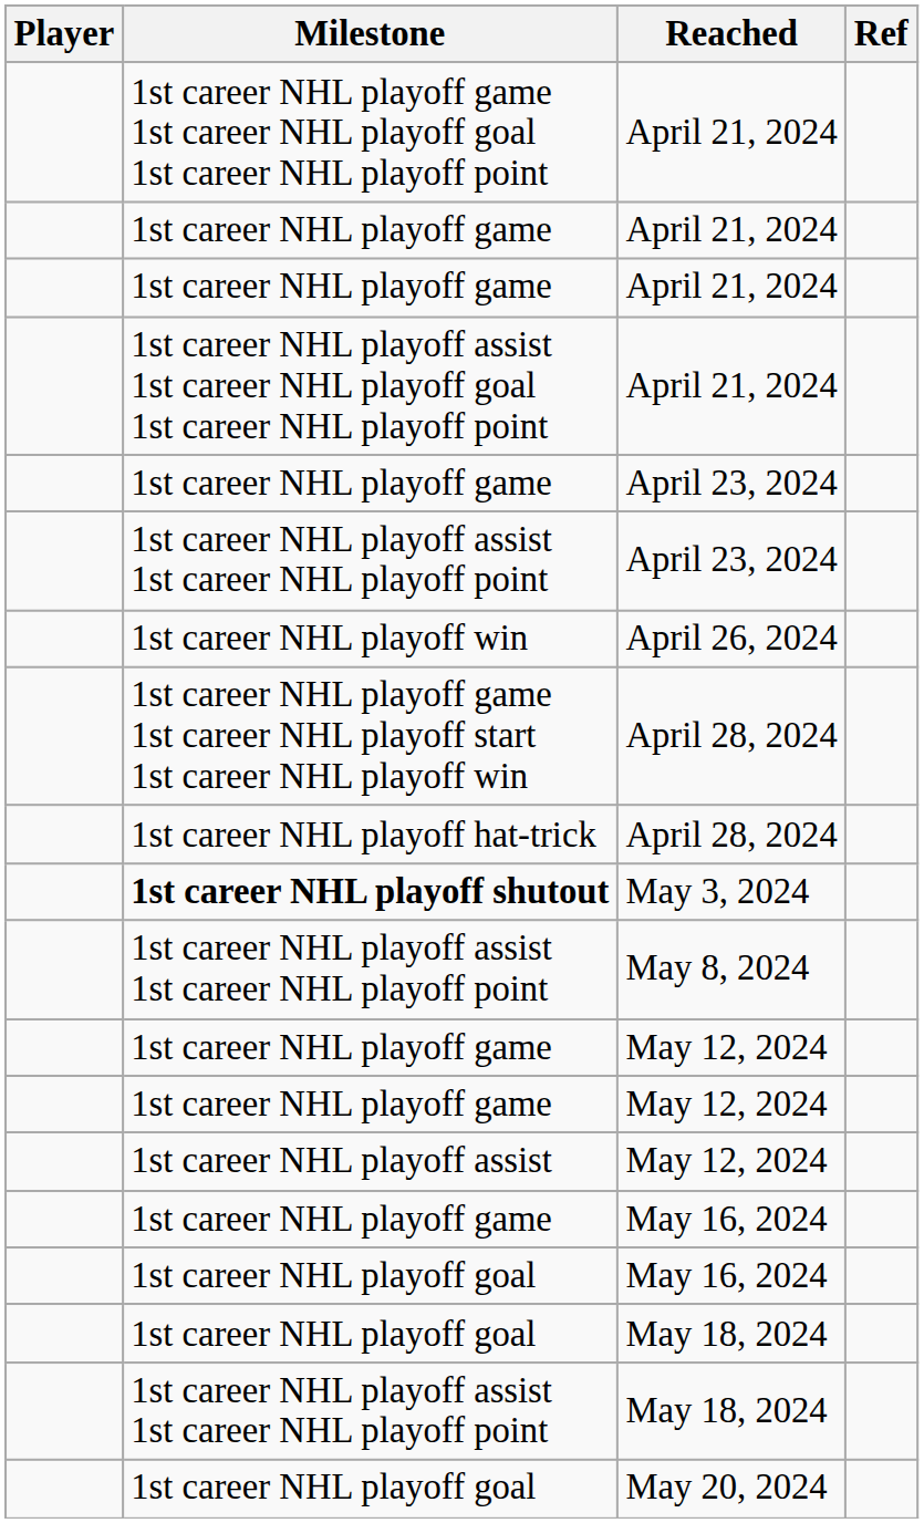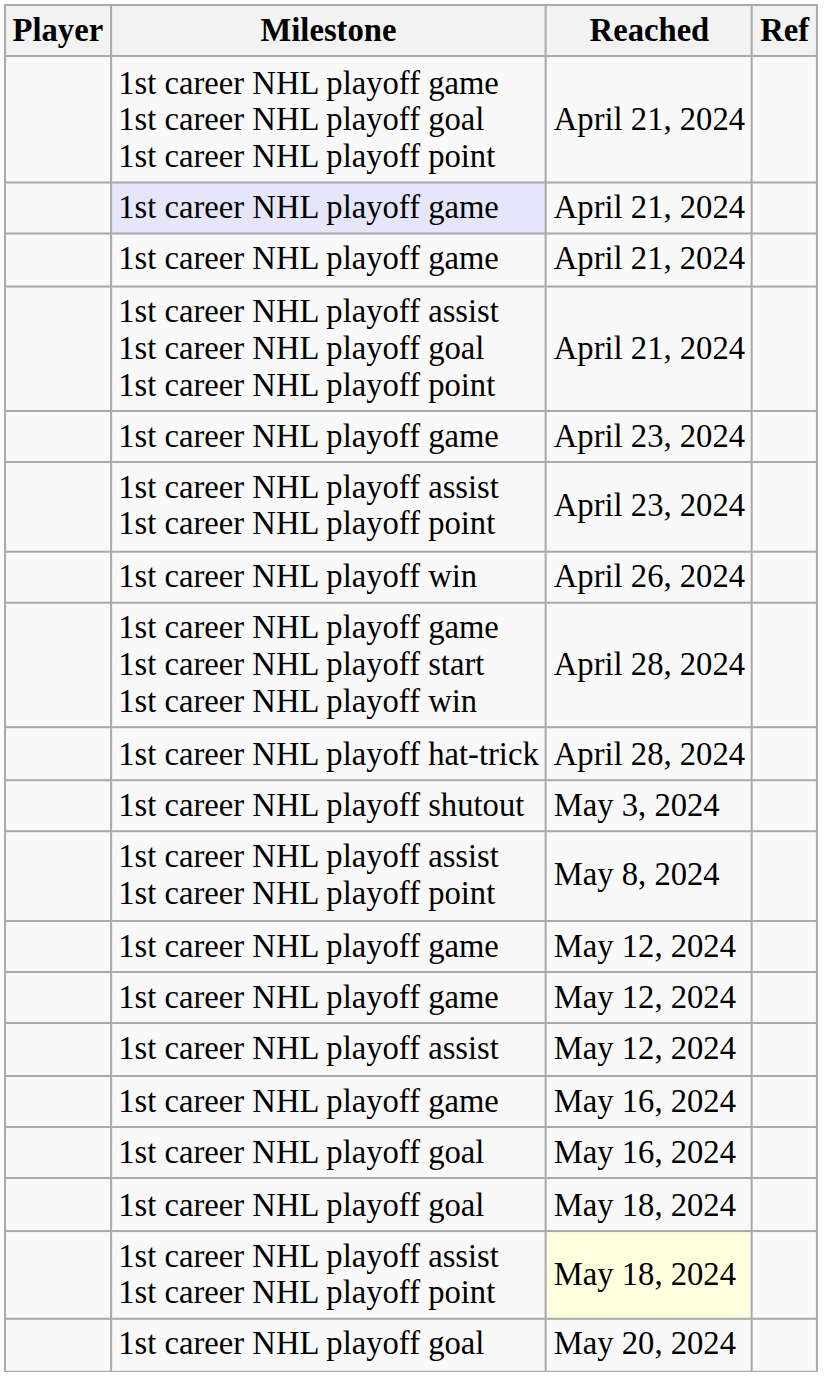 <table class="wikitable sortable">
 <tr>
 <th>Player</th>
 <th>Milestone</th>
 <th data-sort-type="date">Reached</th>
 <th>Ref</th>
 </tr>
 <tr>
 <td></td>
 <td>1st career NHL playoff game<br>1st career NHL playoff goal<br>1st career NHL playoff point</td>
 <td>April 21, 2024</td>
 <td></td>
 </tr>
 <tr>
 <td></td>
-<td>1st career NHL playoff game</td>
+<td style="background: lavender;">1st career NHL playoff game</td>
 <td>April 21, 2024</td>
 <td></td>
 </tr>
 <tr>
 <td></td>
 <td>1st career NHL playoff game</td>
 <td>April 21, 2024</td>
 <td></td>
 </tr>
 <tr>
 <td></td>
 <td>1st career NHL playoff assist<br>1st career NHL playoff goal<br>1st career NHL playoff point</td>
 <td>April 21, 2024</td>
 <td></td>
 </tr>
 <tr>
 <td></td>
 <td>1st career NHL playoff game</td>
 <td>April 23, 2024</td>
 <td></td>
 </tr>
 <tr>
 <td></td>
 <td>1st career NHL playoff assist<br>1st career NHL playoff point</td>
 <td>April 23, 2024</td>
 <td></td>
 </tr>
 <tr>
 <td></td>
 <td>1st career NHL playoff win</td>
 <td>April 26, 2024</td>
 <td></td>
 </tr>
 <tr>
 <td></td>
 <td>1st career NHL playoff game<br>1st career NHL playoff start<br>1st career NHL playoff win</td>
 <td>April 28, 2024</td>
 <td></td>
 </tr>
 <tr>
 <td></td>
 <td>1st career NHL playoff hat-trick</td>
 <td>April 28, 2024</td>
 <td></td>
 </tr>
 <tr>
 <td></td>
-<td><strong>1st career NHL playoff shutout</strong></td>
+<td>1st career NHL playoff shutout</td>
 <td>May 3, 2024</td>
 <td></td>
 </tr>
 <tr>
 <td></td>
 <td>1st career NHL playoff assist<br>1st career NHL playoff point</td>
 <td>May 8, 2024</td>
 <td></td>
 </tr>
 <tr>
 <td></td>
 <td>1st career NHL playoff game</td>
 <td>May 12, 2024</td>
 <td></td>
 </tr>
 <tr>
 <td></td>
 <td>1st career NHL playoff game</td>
 <td>May 12, 2024</td>
 <td></td>
 </tr>
 <tr>
 <td></td>
 <td>1st career NHL playoff assist</td>
 <td>May 12, 2024</td>
 <td></td>
 </tr>
 <tr>
 <td></td>
 <td>1st career NHL playoff game</td>
 <td>May 16, 2024</td>
 <td></td>
 </tr>
 <tr>
 <td></td>
 <td>1st career NHL playoff goal</td>
 <td>May 16, 2024</td>
 <td></td>
 </tr>
 <tr>
 <td></td>
 <td>1st career NHL playoff goal</td>
 <td>May 18, 2024</td>
 <td></td>
 </tr>
 <tr>
 <td></td>
 <td>1st career NHL playoff assist<br>1st career NHL playoff point</td>
-<td>May 18, 2024</td>
+<td style="background: lightyellow;">May 18, 2024</td>
 <td></td>
 </tr>
 <tr>
 <td></td>
 <td>1st career NHL playoff goal</td>
 <td>May 20, 2024</td>
 <td></td>
 </tr>
 </table>
